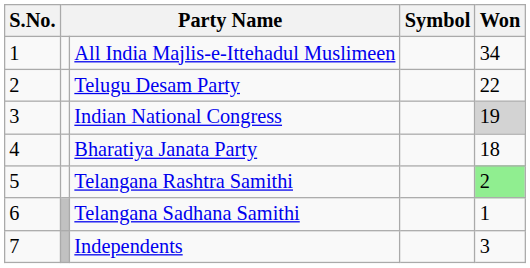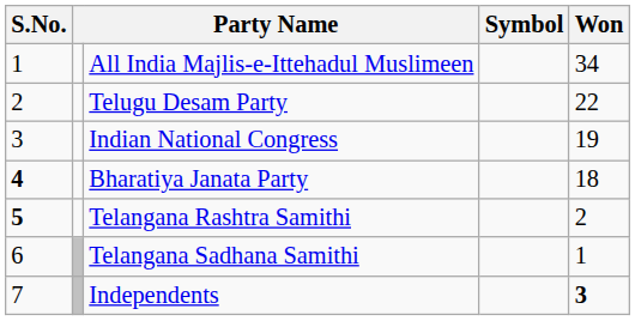 <table class="wikitable sortable">
 <tr>
 <th>S.No.</th>
 <th colspan=2>Party Name</th>
 <th>Symbol</th>
 <th>Won</th>
 </tr>
 <tr>
 <td>1</td>
 <td></td>
 <td><a href='#'>All India Majlis-e-Ittehadul Muslimeen</a></td>
 <td></td>
 <td>34</td>
 </tr>
 <tr>
 <td>2</td>
 <td></td>
 <td><a href='#'>Telugu Desam Party</a></td>
 <td></td>
 <td>22</td>
 </tr>
 <tr>
 <td>3</td>
 <td></td>
 <td><a href='#'>Indian National Congress</a></td>
 <td></td>
-<td style="background: lightgrey;">19</td>
+<td>19</td>
 </tr>
 <tr>
-<td>4</td>
+<td><strong>4</strong></td>
 <td></td>
 <td><a href='#'>Bharatiya Janata Party</a></td>
 <td></td>
 <td>18</td>
 </tr>
 <tr>
-<td>5</td>
+<td><strong>5</strong></td>
 <td></td>
 <td><a href='#'>Telangana Rashtra Samithi</a></td>
 <td></td>
-<td style="background: lightgreen;">2</td>
+<td>2</td>
 </tr>
 <tr>
 <td>6</td>
 <td bgcolor=#C1C1C1></td>
 <td><a href='#'>Telangana Sadhana Samithi</a></td>
 <td></td>
 <td>1</td>
 </tr>
 <tr>
 <td>7</td>
 <td bgcolor=#C1C1C1></td>
 <td><a href='#'>Independents</a></td>
 <td></td>
-<td>3</td>
+<td><strong>3</strong></td>
 </tr>
 </table>
